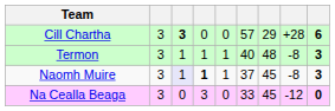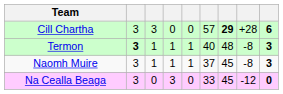 <table class="wikitable" style="text-align:center">
 <tr>
 <th style="width:175px;">Team</th>
 <th width="20"></th>
 <th width="20"></th>
 <th width="20"></th>
 <th width="20"></th>
 <th width="20"></th>
 <th width="20"></th>
 <th width="20"></th>
 <th width="20"></th>
 </tr>
 <tr style="background:#cfc;">
 <td><a href='#'>Cill Chartha</a></td>
 <td>3</td>
-<td><strong>3</strong></td>
+<td>3</td>
 <td>0</td>
 <td>0</td>
 <td>57</td>
-<td>29</td>
+<td><strong>29</strong></td>
 <td>+28</td>
 <td><strong>6</strong></td>
 </tr>
 <tr style="background:#cfc;">
 <td><a href='#'>Termon</a></td>
-<td>3</td>
+<td><strong>3</strong></td>
 <td>1</td>
 <td>1</td>
 <td>1</td>
 <td>40</td>
 <td>48</td>
 <td>-8</td>
 <td><strong>3</strong></td>
 </tr>
 <tr>
 <td><a href='#'>Naomh Muire</a></td>
 <td>3</td>
-<td style="background: lavender;">1</td>
-<td><strong>1</strong></td>
+<td>1</td>
+<td>1</td>
 <td>1</td>
 <td>37</td>
 <td>45</td>
 <td>-8</td>
 <td><strong>3</strong></td>
 </tr>
 <tr style="background:#fcf;">
 <td><a href='#'>Na Cealla Beaga</a></td>
 <td>3</td>
 <td>0</td>
 <td>3</td>
 <td>0</td>
 <td>33</td>
 <td>45</td>
 <td>-12</td>
 <td><strong>0</strong></td>
 </tr>
 </table>
